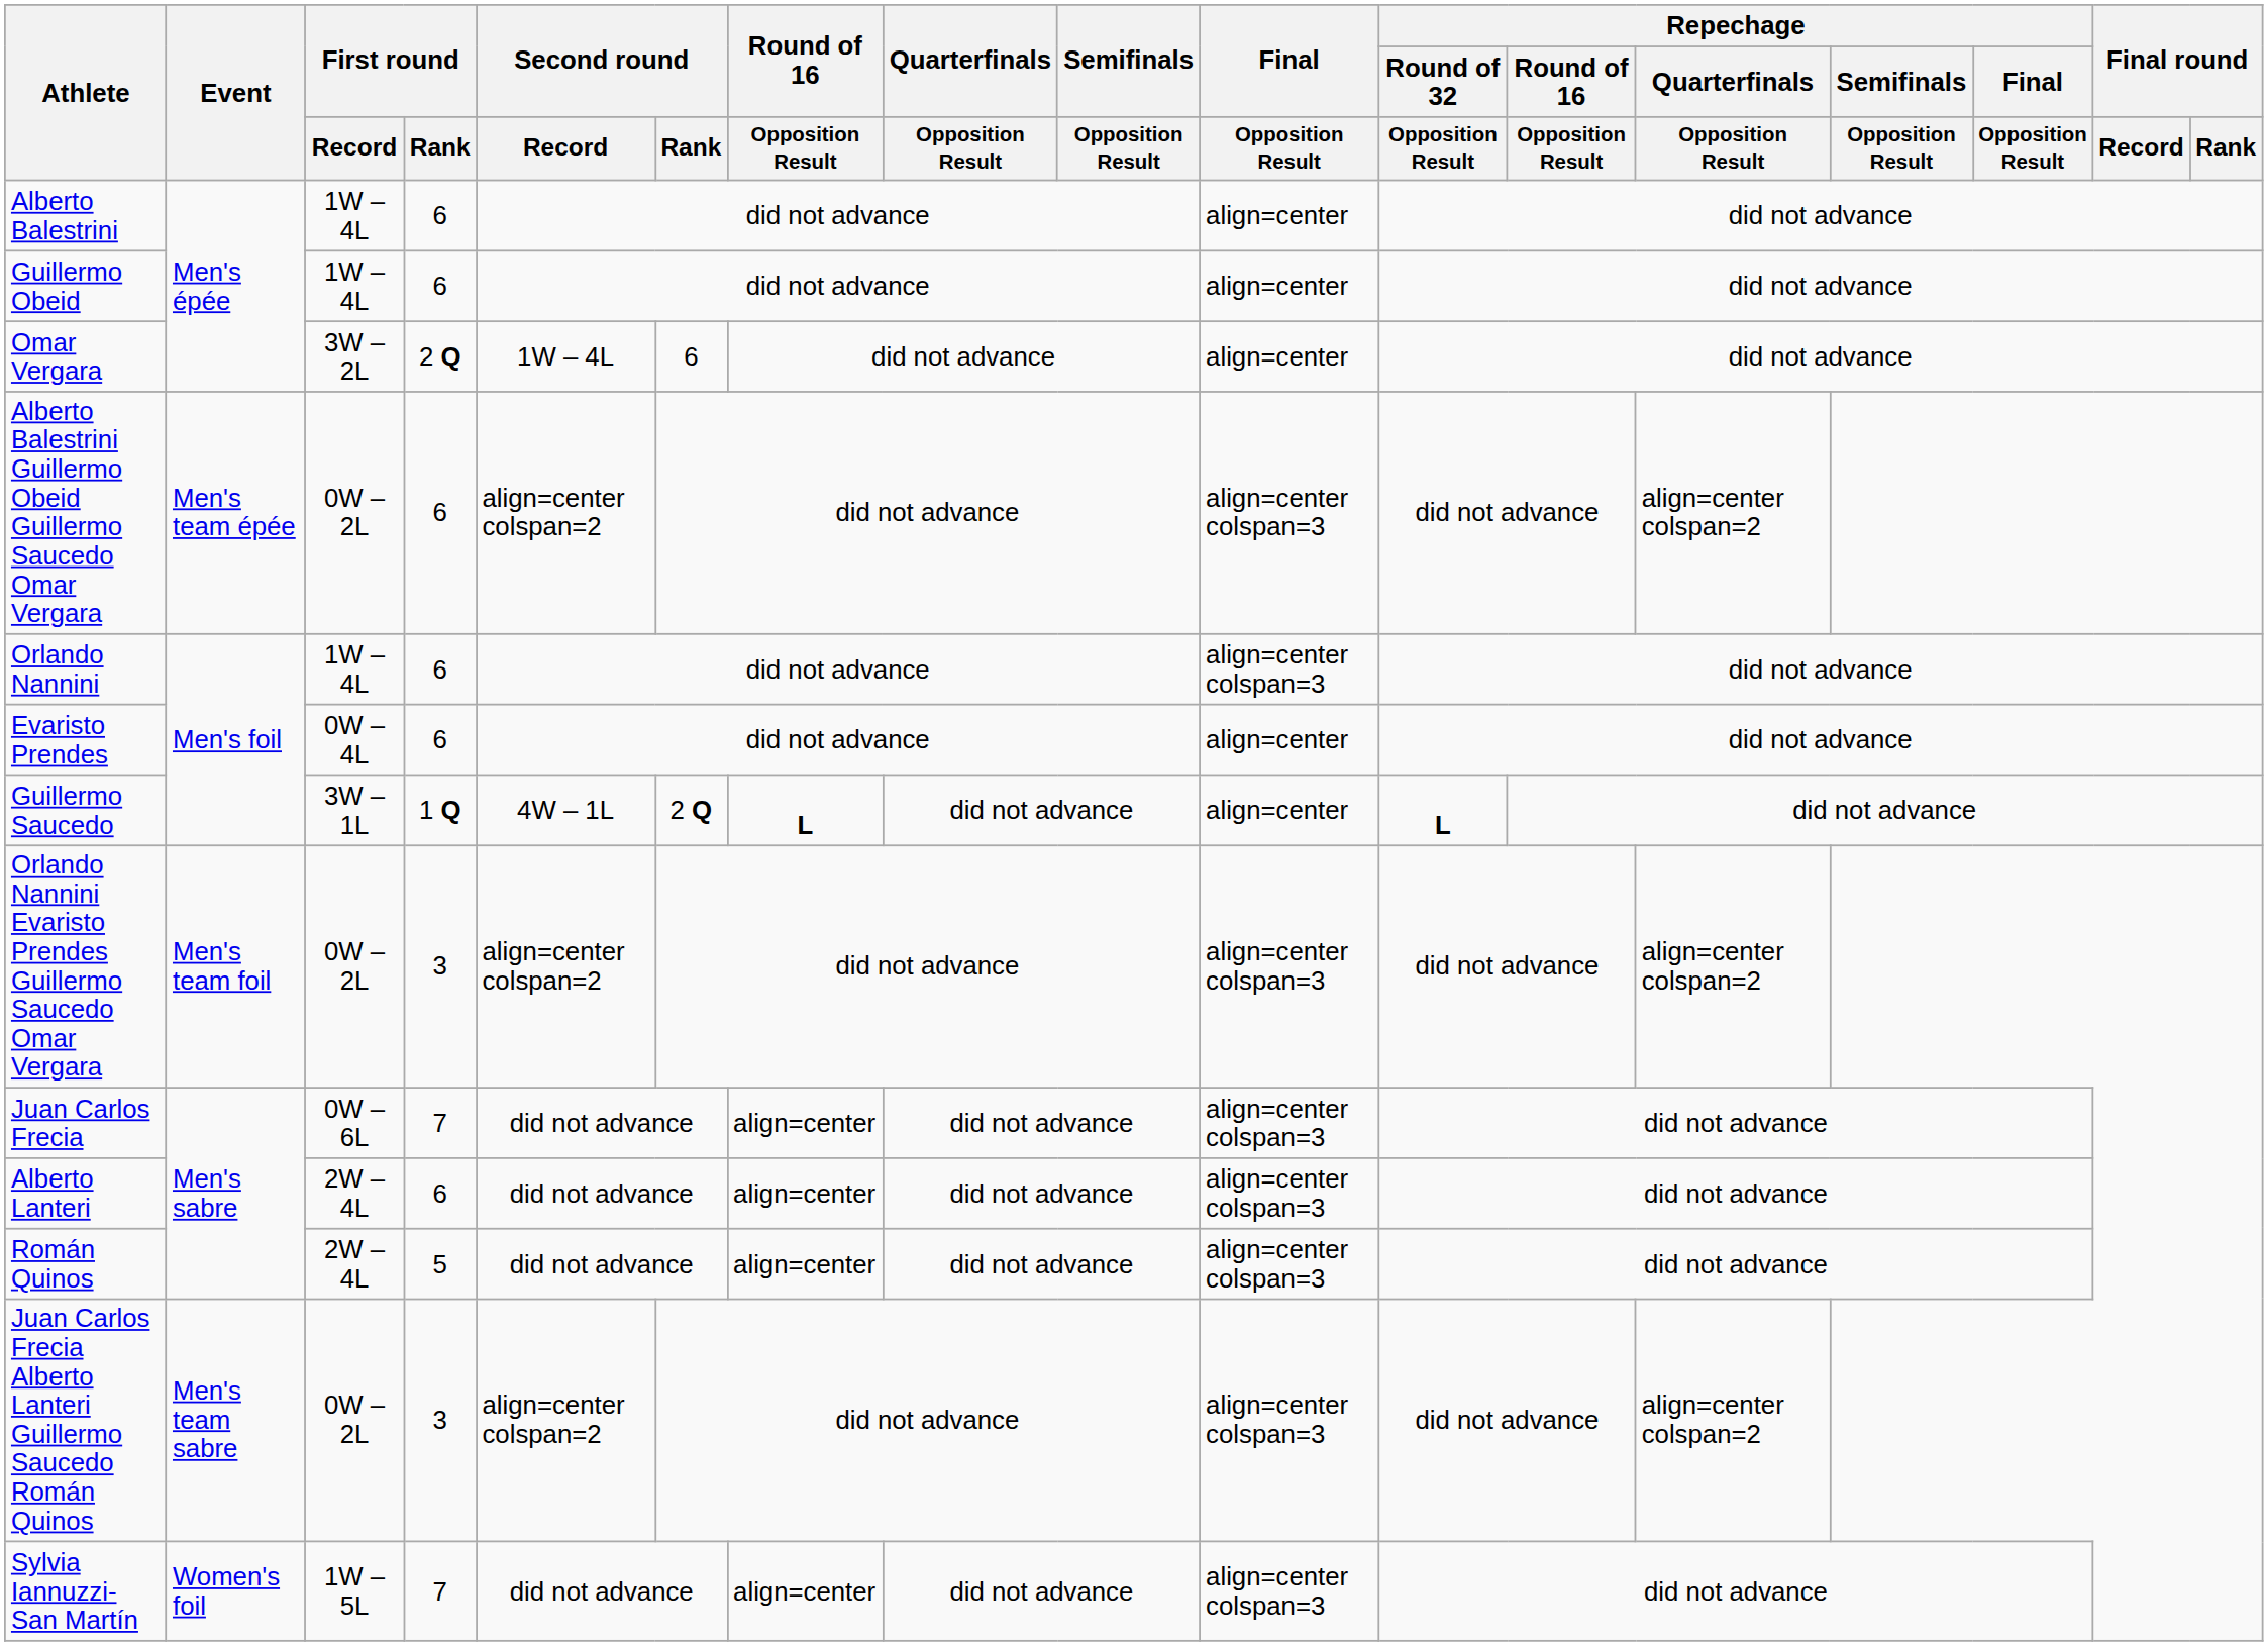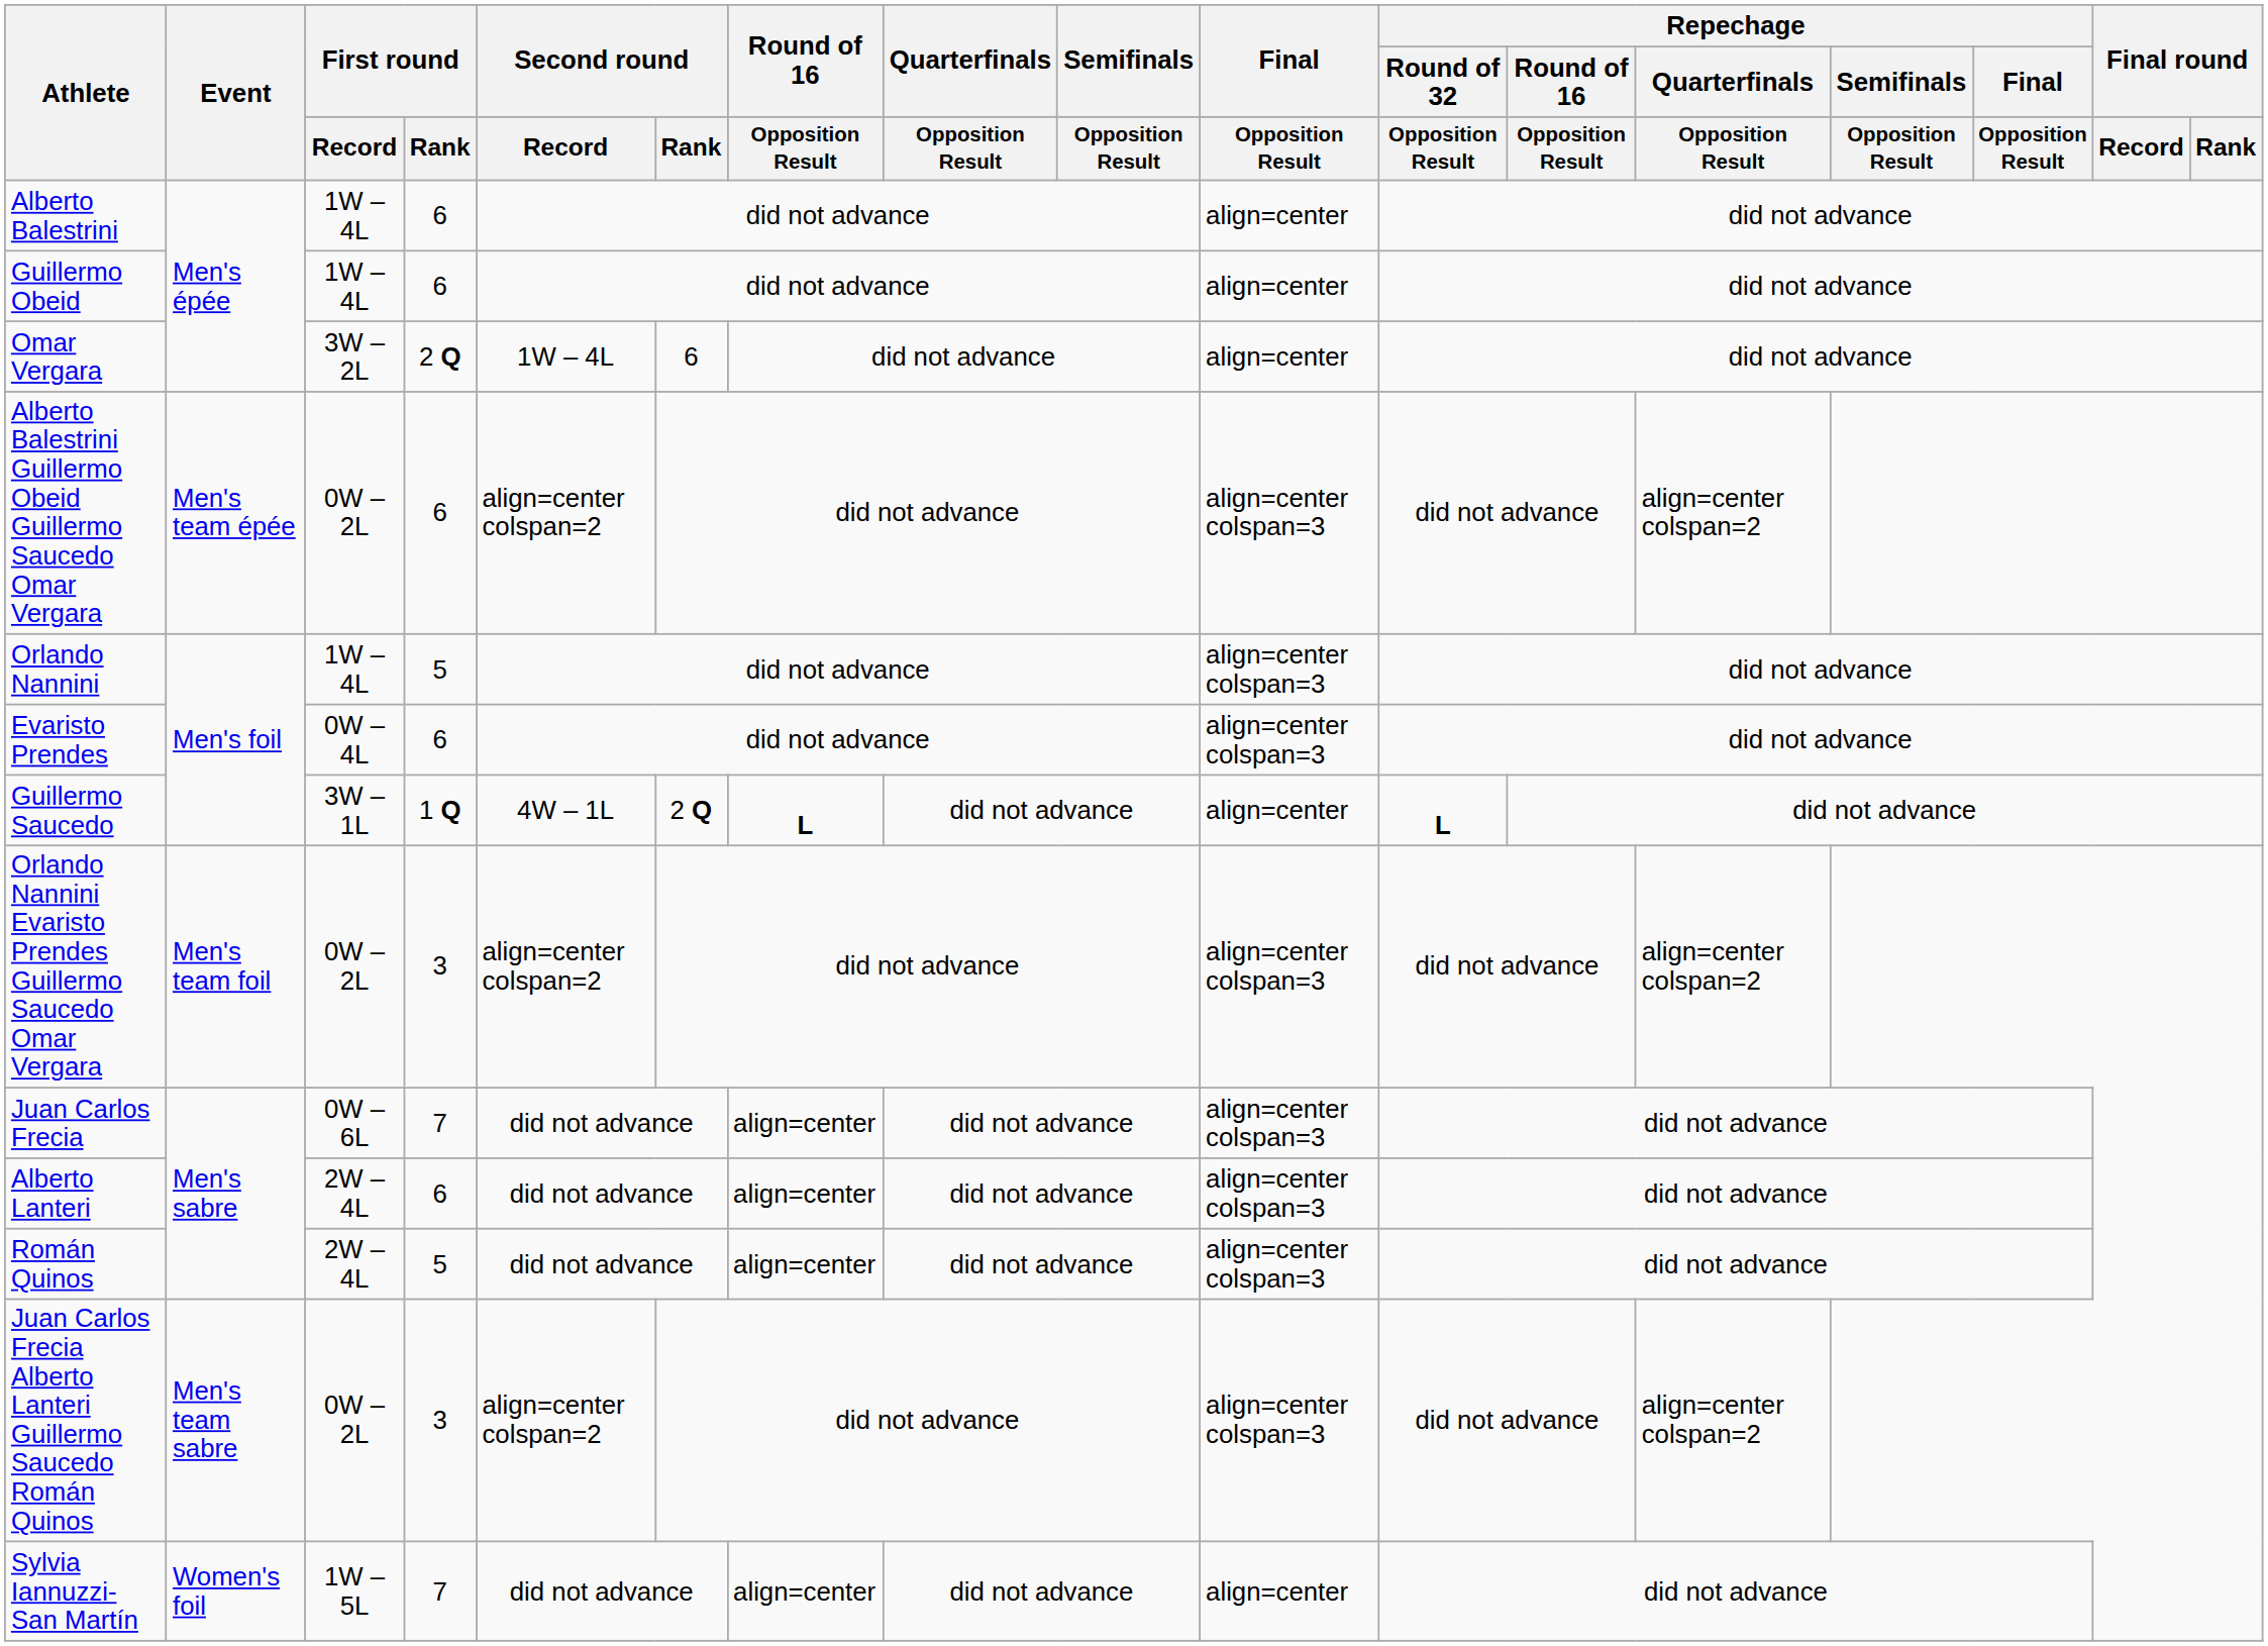 <table class="wikitable" style="text-align:left; font-size:90%">
 <tr>
 <th rowspan="3">Athlete</th>
 <th rowspan="3">Event</th>
 <th rowspan=2 colspan=2>First round</th>
 <th rowspan=2 colspan=2>Second round</th>
 <th rowspan=2>Round of 16</th>
 <th rowspan=2>Quarterfinals</th>
 <th rowspan=2>Semifinals</th>
 <th rowspan=2>Final</th>
 <th colspan=5>Repechage</th>
 <th rowspan=2 colspan=2>Final round</th>
 </tr>
 <tr>
 <th>Round of 32</th>
 <th>Round of 16</th>
 <th>Quarterfinals</th>
 <th>Semifinals</th>
 <th>Final</th>
 </tr>
 <tr style="font-size:95%">
 <th>Record</th>
 <th>Rank</th>
 <th>Record</th>
 <th>Rank</th>
 <th style="line-height:1em"><small>Opposition<br>Result</small></th>
 <th style="line-height:1em"><small>Opposition<br>Result</small></th>
 <th style="line-height:1em"><small>Opposition<br>Result</small></th>
 <th style="line-height:1em"><small>Opposition<br>Result</small></th>
 <th style="line-height:1em"><small>Opposition<br>Result</small></th>
 <th style="line-height:1em"><small>Opposition<br>Result</small></th>
 <th style="line-height:1em"><small>Opposition<br>Result</small></th>
 <th style="line-height:1em"><small>Opposition<br>Result</small></th>
 <th style="line-height:1em"><small>Opposition<br>Result</small></th>
 <th>Record</th>
 <th>Rank</th>
 </tr>
 <tr>
 <td><a href='#'>Alberto Balestrini</a></td>
 <td rowspan=3><a href='#'>Men's épée</a></td>
 <td align=center>1W – 4L</td>
 <td align=center>6</td>
 <td align=center colspan=5>did not advance</td>
 <td>align=center </td>
 <td align=center colspan=7>did not advance</td>
 </tr>
 <tr>
 <td><a href='#'>Guillermo Obeid</a></td>
 <td align=center>1W – 4L</td>
 <td align=center>6</td>
 <td align=center colspan=5>did not advance</td>
 <td>align=center </td>
 <td align=center colspan=7>did not advance</td>
 </tr>
 <tr>
 <td><a href='#'>Omar Vergara</a></td>
 <td align=center>3W – 2L</td>
 <td align=center>2 <strong>Q</strong></td>
 <td align=center>1W – 4L</td>
 <td align=center>6</td>
 <td align=center colspan=3>did not advance</td>
 <td>align=center </td>
 <td align=center colspan=7>did not advance</td>
 </tr>
 <tr>
 <td><a href='#'>Alberto Balestrini</a><br><a href='#'>Guillermo Obeid</a><br><a href='#'>Guillermo Saucedo</a><br><a href='#'>Omar Vergara</a></td>
 <td><a href='#'>Men's team épée</a></td>
 <td align=center>0W – 2L</td>
 <td align=center>6</td>
 <td>align=center colspan=2 </td>
 <td align=center colspan=4>did not advance</td>
 <td>align=center colspan=3 </td>
 <td align=center colspan=2>did not advance</td>
 <td>align=center colspan=2 </td>
 </tr>
 <tr>
 <td><a href='#'>Orlando Nannini</a></td>
 <td rowspan=3><a href='#'>Men's foil</a></td>
 <td align=center>1W – 4L</td>
-<td align=center>6</td>
+<td align=center>5</td>
 <td align=center colspan=5>did not advance</td>
 <td>align=center colspan=3 </td>
 <td align=center colspan=7>did not advance</td>
 </tr>
 <tr>
 <td><a href='#'>Evaristo Prendes</a></td>
 <td align=center>0W – 4L</td>
 <td align=center>6</td>
 <td align=center colspan=5>did not advance</td>
-<td>align=center </td>
+<td>align=center colspan=3 </td>
 <td align=center colspan=7>did not advance</td>
 </tr>
 <tr>
 <td><a href='#'>Guillermo Saucedo</a></td>
 <td align=center>3W – 1L</td>
 <td align=center>1 <strong>Q</strong></td>
 <td align=center>4W – 1L</td>
 <td align=center>2 <strong>Q</strong></td>
 <td align=center><br><strong>L</strong></td>
 <td align=center colspan=2>did not advance</td>
 <td>align=center </td>
 <td align=center><br><strong>L</strong></td>
 <td align=center colspan=6>did not advance</td>
 </tr>
 <tr>
 <td><a href='#'>Orlando Nannini</a><br><a href='#'>Evaristo Prendes</a><br><a href='#'>Guillermo Saucedo</a><br><a href='#'>Omar Vergara</a></td>
 <td><a href='#'>Men's team foil</a></td>
 <td align=center>0W – 2L</td>
 <td align=center>3</td>
 <td>align=center colspan=2 </td>
 <td align=center colspan=4>did not advance</td>
 <td>align=center colspan=3 </td>
 <td align=center colspan=2>did not advance</td>
 <td>align=center colspan=2 </td>
 </tr>
 <tr>
 <td><a href='#'>Juan Carlos Frecia</a></td>
 <td rowspan=3><a href='#'>Men's sabre</a></td>
 <td align=center>0W – 6L</td>
 <td align=center>7</td>
 <td align=center colspan=2>did not advance</td>
 <td>align=center </td>
 <td align=center colspan=2>did not advance</td>
 <td>align=center colspan=3 </td>
 <td align=center colspan=5>did not advance</td>
 </tr>
 <tr>
 <td><a href='#'>Alberto Lanteri</a></td>
 <td align=center>2W – 4L</td>
 <td align=center>6</td>
 <td align=center colspan=2>did not advance</td>
 <td>align=center </td>
 <td align=center colspan=2>did not advance</td>
 <td>align=center colspan=3 </td>
 <td align=center colspan=5>did not advance</td>
 </tr>
 <tr>
 <td><a href='#'>Román Quinos</a></td>
 <td align=center>2W – 4L</td>
 <td align=center>5</td>
 <td align=center colspan=2>did not advance</td>
 <td>align=center </td>
 <td align=center colspan=2>did not advance</td>
 <td>align=center colspan=3 </td>
 <td align=center colspan=5>did not advance</td>
 </tr>
 <tr>
 <td><a href='#'>Juan Carlos Frecia</a><br><a href='#'>Alberto Lanteri</a><br><a href='#'>Guillermo Saucedo</a><br><a href='#'>Román Quinos</a></td>
 <td><a href='#'>Men's team sabre</a></td>
 <td align=center>0W – 2L</td>
 <td align=center>3</td>
 <td>align=center colspan=2 </td>
 <td align=center colspan=4>did not advance</td>
 <td>align=center colspan=3 </td>
 <td align=center colspan=2>did not advance</td>
 <td>align=center colspan=2 </td>
 </tr>
 <tr>
 <td><a href='#'>Sylvia Iannuzzi-San Martín</a></td>
 <td><a href='#'>Women's foil</a></td>
 <td align=center>1W – 5L</td>
 <td align=center>7</td>
 <td align=center colspan=2>did not advance</td>
 <td>align=center </td>
 <td align=center colspan=2>did not advance</td>
-<td>align=center colspan=3 </td>
+<td>align=center </td>
 <td align=center colspan=5>did not advance</td>
 </tr>
 </table>
